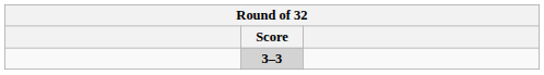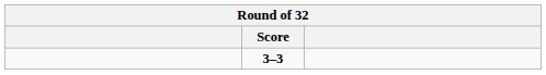 <table class="wikitable" style="text-align: center;">
 <tr>
 <th colspan=3>Round of 32</th>
 </tr>
 <tr>
 <th align="right" width="270"></th>
 <th width="65">Score</th>
 <th align="left" width="270"></th>
 </tr>
 <tr>
 <td align=left></td>
-<td align=center style="background: lightgrey;"><strong>3–3</strong></td>
+<td align=center><strong>3–3</strong></td>
 <td align=left><strong></strong></td>
 </tr>
 </table>
